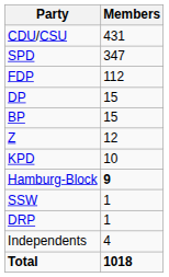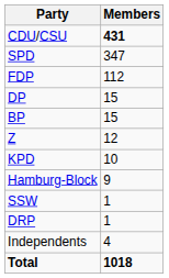 <table class="wikitable" style="float:left; margin-right:20px; margin-top:0;">
 <tr>
 <th>Party</th>
 <th>Members</th>
 </tr>
 <tr>
 <td><a href='#'>CDU</a>/<a href='#'>CSU</a></td>
-<td>431</td>
+<td><strong>431</strong></td>
 </tr>
 <tr>
 <td><a href='#'>SPD</a></td>
 <td>347</td>
 </tr>
 <tr>
 <td><a href='#'>FDP</a></td>
 <td>112</td>
 </tr>
 <tr>
 <td><a href='#'>DP</a></td>
 <td>15</td>
 </tr>
 <tr>
 <td><a href='#'>BP</a></td>
 <td>15</td>
 </tr>
 <tr>
 <td><a href='#'>Z</a></td>
 <td>12</td>
 </tr>
 <tr>
 <td><a href='#'>KPD</a></td>
 <td>10</td>
 </tr>
 <tr>
 <td><a href='#'>Hamburg-Block</a></td>
-<td><strong>9</strong></td>
+<td>9</td>
 </tr>
 <tr>
 <td><a href='#'>SSW</a></td>
 <td>1</td>
 </tr>
 <tr>
 <td><a href='#'>DRP</a></td>
 <td>1</td>
 </tr>
 <tr>
 <td>Independents</td>
 <td>4</td>
 </tr>
 <tr>
 <td><strong>Total</strong></td>
 <td><strong>1018</strong></td>
 </tr>
 </table>
